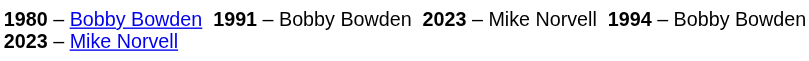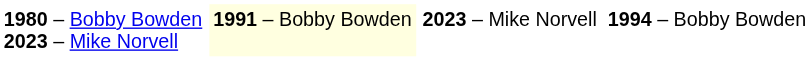 <table cellpadding="3" style="font-size:.9em">
 <tr>
 </tr>
 <tr>
 </tr>
 <tr style="vertical-align:top;">
 <td><strong>1980</strong> – <a href='#'>Bobby Bowden</a><br><strong>2023</strong> – <a href='#'>Mike Norvell</a></td>
-<td><strong>1991</strong> – Bobby Bowden</td>
+<td style="background: lightyellow;"><strong>1991</strong> – Bobby Bowden</td>
 <td><strong>2023</strong> – Mike Norvell</td>
 <td><strong>1994</strong> – Bobby Bowden</td>
 </tr>
 </table>
